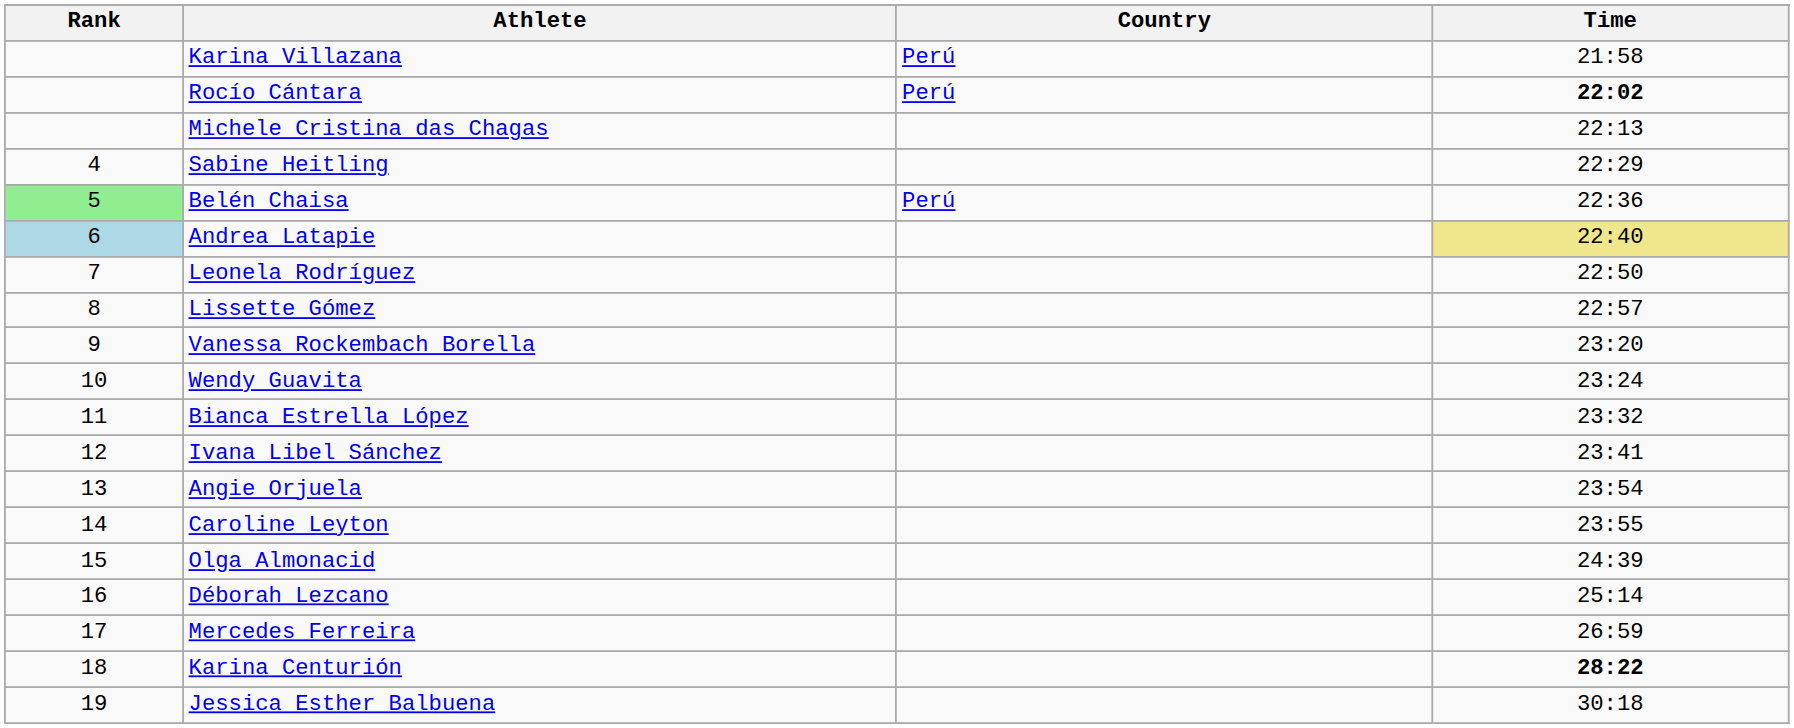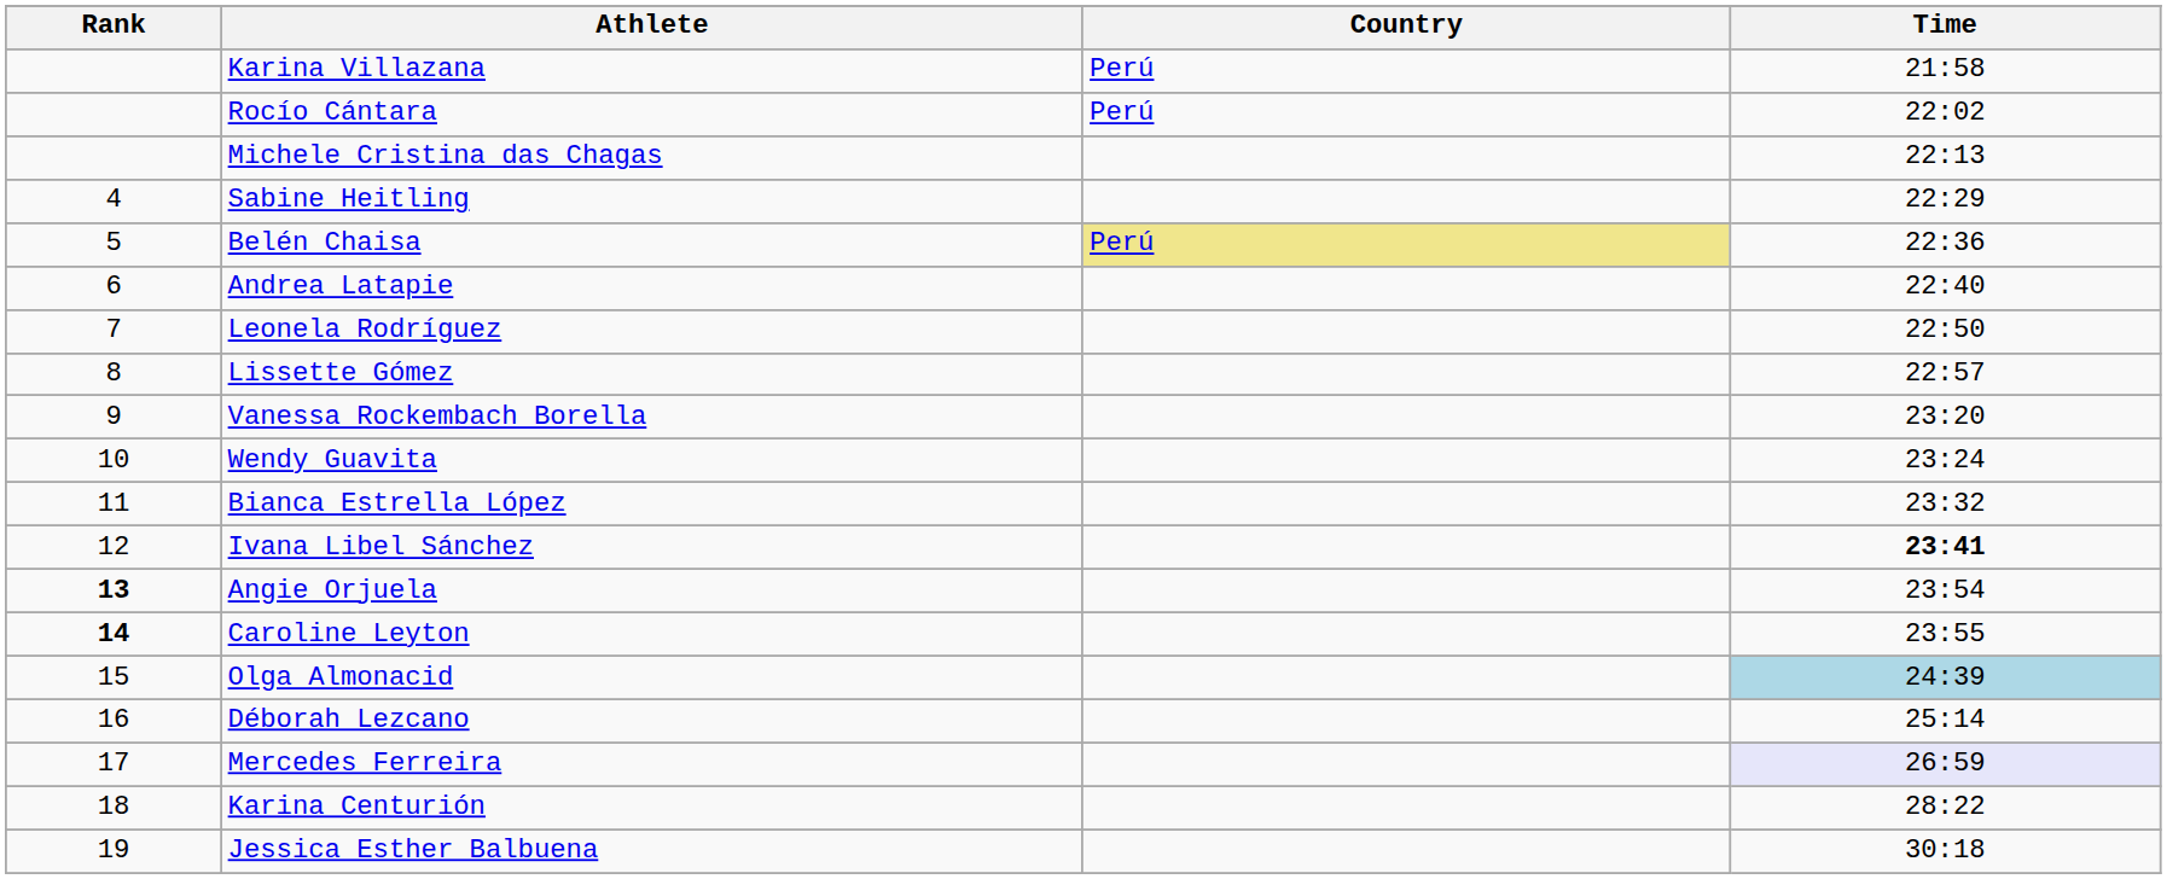 <table class="wikitable sortable" style=" text-align:center; font-size:95%;" width="50%">
 <tr>
 </tr>
 <tr>
 <th width=5%>Rank</th>
 <th width=20%>Athlete</th>
 <th width=15%>Country</th>
 <th width=10%>Time</th>
 </tr>
 <tr>
 <td align=center></td>
 <td align=left><a href='#'>Karina Villazana</a></td>
 <td align=left> <a href='#'>Perú</a></td>
 <td>21:58</td>
 </tr>
 <tr>
 <td align=center></td>
 <td align=left><a href='#'>Rocío Cántara</a></td>
 <td align=left> <a href='#'>Perú</a></td>
-<td><strong>22:02</strong></td>
+<td>22:02</td>
 </tr>
 <tr>
 <td align=center></td>
 <td align=left><a href='#'>Michele Cristina das Chagas</a></td>
 <td align=left></td>
 <td>22:13</td>
 </tr>
 <tr>
 <td align=center>4</td>
 <td align=left><a href='#'>Sabine Heitling</a></td>
 <td align=left></td>
 <td>22:29</td>
 </tr>
 <tr>
-<td align=center style="background: lightgreen;">5</td>
+<td align=center>5</td>
 <td align=left><a href='#'>Belén Chaisa</a></td>
-<td align=left> <a href='#'>Perú</a></td>
+<td align=left style="background: khaki;"> <a href='#'>Perú</a></td>
 <td>22:36</td>
 </tr>
 <tr>
-<td align=center style="background: lightblue;">6</td>
+<td align=center>6</td>
 <td align=left><a href='#'>Andrea Latapie</a></td>
 <td align=left></td>
-<td style="background: khaki;">22:40</td>
+<td>22:40</td>
 </tr>
 <tr>
 <td align=center>7</td>
 <td align=left><a href='#'>Leonela Rodríguez</a></td>
 <td align=left></td>
 <td>22:50</td>
 </tr>
 <tr>
 <td align=center>8</td>
 <td align=left><a href='#'>Lissette Gómez</a></td>
 <td align=left></td>
 <td>22:57</td>
 </tr>
 <tr>
 <td align=center>9</td>
 <td align=left><a href='#'>Vanessa Rockembach Borella</a></td>
 <td align=left></td>
 <td>23:20</td>
 </tr>
 <tr>
 <td align=center>10</td>
 <td align=left><a href='#'>Wendy Guavita</a></td>
 <td align=left></td>
 <td>23:24</td>
 </tr>
 <tr>
 <td align=center>11</td>
 <td align=left><a href='#'>Bianca Estrella López</a></td>
 <td align=left></td>
 <td>23:32</td>
 </tr>
 <tr>
 <td align=center>12</td>
 <td align=left><a href='#'>Ivana Libel Sánchez</a></td>
 <td align=left></td>
-<td>23:41</td>
+<td><strong>23:41</strong></td>
 </tr>
 <tr>
-<td align=center>13</td>
+<td align=center><strong>13</strong></td>
 <td align=left><a href='#'>Angie Orjuela</a></td>
 <td align=left></td>
 <td>23:54</td>
 </tr>
 <tr>
-<td align=center>14</td>
+<td align=center><strong>14</strong></td>
 <td align=left><a href='#'>Caroline Leyton</a></td>
 <td align=left></td>
 <td>23:55</td>
 </tr>
 <tr>
 <td align=center>15</td>
 <td align=left><a href='#'>Olga Almonacid</a></td>
 <td align=left></td>
-<td>24:39</td>
+<td style="background: lightblue;">24:39</td>
 </tr>
 <tr>
 <td align=center>16</td>
 <td align=left><a href='#'>Déborah Lezcano</a></td>
 <td align=left></td>
 <td>25:14</td>
 </tr>
 <tr>
 <td align=center>17</td>
 <td align=left><a href='#'>Mercedes Ferreira</a></td>
 <td align=left></td>
-<td>26:59</td>
+<td style="background: lavender;">26:59</td>
 </tr>
 <tr>
 <td align=center>18</td>
 <td align=left><a href='#'>Karina Centurión</a></td>
 <td align=left></td>
-<td><strong>28:22</strong></td>
+<td>28:22</td>
 </tr>
 <tr>
 <td align=center>19</td>
 <td align=left><a href='#'>Jessica Esther Balbuena</a></td>
 <td align=left></td>
 <td>30:18</td>
 </tr>
 </table>
